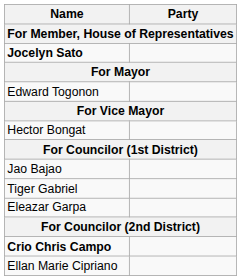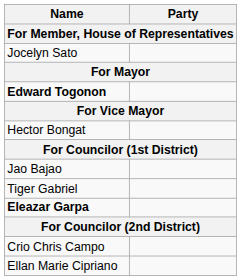 <table class="wikitable" style="font-size:90%">
 <tr>
 <th !width=150px>Name</th>
 <th colspan=2 width=110px>Party</th>
 </tr>
 <tr>
 <th colspan="3">For Member, House of Representatives</th>
 </tr>
 <tr>
-<td><strong>Jocelyn Sato</strong></td>
+<td>Jocelyn Sato</td>
 <td></td>
 </tr>
 <tr>
 <th colspan="3">For Mayor</th>
 </tr>
 <tr>
-<td>Edward Togonon</td>
+<td><strong>Edward Togonon</strong></td>
 <td></td>
 </tr>
 <tr>
 <th colspan="3">For Vice Mayor</th>
 </tr>
 <tr>
 <td>Hector Bongat</td>
 <td></td>
 </tr>
 <tr>
 <th colspan="3">For Councilor (1st District)</th>
 </tr>
 <tr>
 <td>Jao Bajao</td>
 <td></td>
 </tr>
 <tr>
 <td>Tiger Gabriel</td>
 <td></td>
 </tr>
 <tr>
-<td>Eleazar Garpa</td>
+<td><strong>Eleazar Garpa</strong></td>
 <td></td>
 </tr>
 <tr>
 <th colspan="3">For Councilor (2nd District)</th>
 </tr>
 <tr>
-<td><strong>Crio Chris Campo</strong></td>
+<td>Crio Chris Campo</td>
 <td></td>
 </tr>
 <tr>
 <td>Ellan Marie Cipriano</td>
 <td></td>
 </tr>
 </table>
